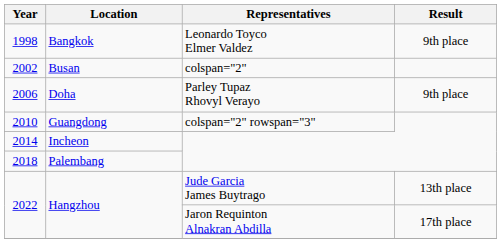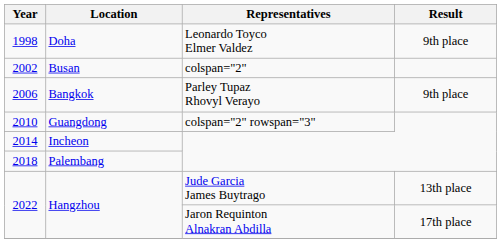 <table class="wikitable" style="font-size:100%; width:50%;">
 <tr>
 <th style= "align=center; width:10em;">Year</th>
 <th style= "align=center; width:60em;">Location</th>
 <th style= "align=center; width:100em;">Representatives</th>
 <th style= "align=center; width:50em;">Result</th>
 </tr>
 <tr>
 <td align=center><a href='#'>1998</a></td>
-<td> <a href='#'>Bangkok</a></td>
+<td> <a href='#'>Doha</a></td>
 <td>Leonardo Toyco <br> Elmer Valdez</td>
 <td align=center>9th place</td>
 </tr>
 <tr>
 <td align=center><a href='#'>2002</a></td>
 <td> <a href='#'>Busan</a></td>
 <td>colspan="2" <small>  </small></td>
 </tr>
 <tr>
 <td align=center><a href='#'>2006</a></td>
-<td> <a href='#'>Doha</a></td>
+<td> <a href='#'>Bangkok</a></td>
 <td>Parley Tupaz <br> Rhovyl Verayo</td>
 <td align=center>9th place</td>
 </tr>
 <tr>
 <td align=center><a href='#'>2010</a></td>
 <td> <a href='#'>Guangdong</a></td>
 <td>colspan="2" rowspan="3" <small>  </small></td>
 </tr>
 <tr>
 <td align=center><a href='#'>2014</a></td>
 <td> <a href='#'>Incheon</a></td>
 </tr>
 <tr>
 <td align=center><a href='#'>2018</a></td>
 <td> <a href='#'>Palembang</a></td>
 </tr>
 <tr>
 <td align=center rowspan="2"><a href='#'>2022</a></td>
 <td rowspan="2"> <a href='#'>Hangzhou</a></td>
 <td><a href='#'>Jude Garcia</a> <br> James Buytrago</td>
 <td align=center>13th place</td>
 </tr>
 <tr>
 <td>Jaron Requinton <br> <a href='#'>Alnakran Abdilla</a></td>
 <td align=center>17th place</td>
 </tr>
 <tr>
 </tr>
 </table>
